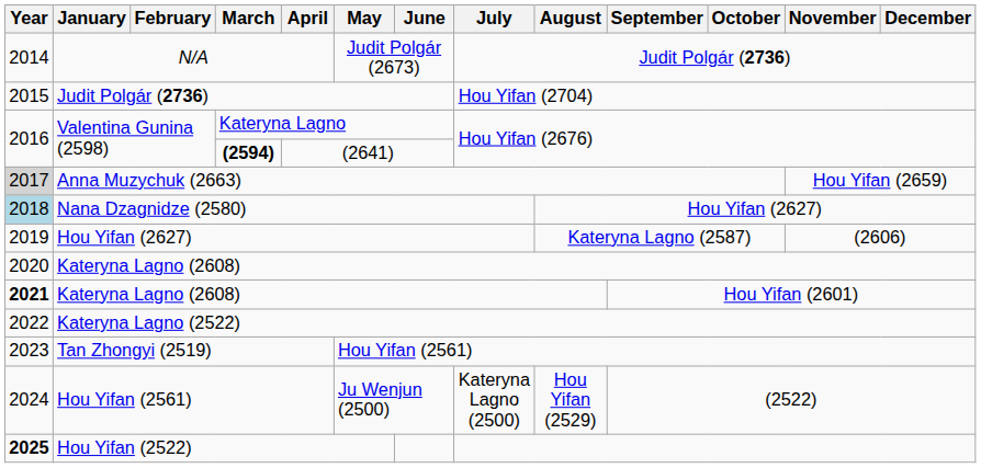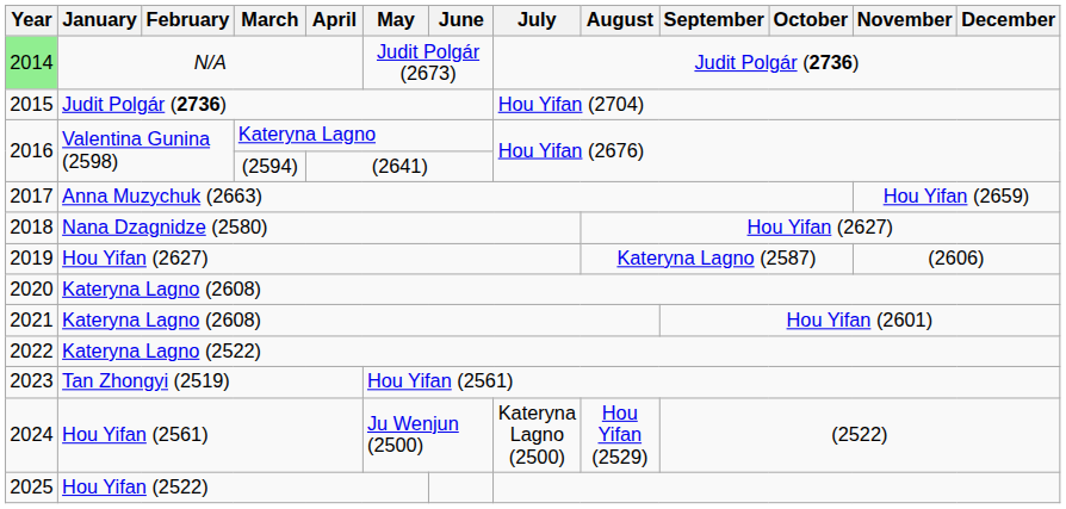 <table class="wikitable center" style="text-align:center">
 <tr>
 <th>Year</th>
 <th style="width:8%">January</th>
 <th style="width:8%">February</th>
 <th style="width:8%">March</th>
 <th style="width:6%">April</th>
 <th style="width:10%">May</th>
 <th style="width:8%">June</th>
 <th style="width:8%">July</th>
 <th style="width:8%">August</th>
 <th style="width:8%">September</th>
 <th style="width:8%">October</th>
 <th style="width:8%">November</th>
 <th style="width:8%">December</th>
 </tr>
 <tr>
-<td>2014</td>
+<td style="background: lightgreen;">2014</td>
 <td colspan=4><em>N/A</em></td>
 <td colspan=2> <a href='#'>Judit Polgár</a> (2673)</td>
 <td colspan=6> <a href='#'>Judit Polgár</a> (<strong>2736</strong>)</td>
 </tr>
 <tr>
 <td>2015</td>
 <td colspan=6 align=left> <a href='#'>Judit Polgár</a> (<strong>2736</strong>)</td>
 <td colspan=6 align=left> <a href='#'>Hou Yifan</a> (2704)</td>
 </tr>
 <tr>
 <td rowspan=2>2016</td>
 <td colspan=2 rowspan=2 align=left> <a href='#'>Valentina Gunina</a> (2598)</td>
 <td colspan=4 align=left> <a href='#'>Kateryna Lagno</a></td>
 <td colspan=6 rowspan=2 align=left> <a href='#'>Hou Yifan</a> (2676)</td>
 </tr>
 <tr>
-<td><strong>(2594)</strong></td>
+<td>(2594)</td>
 <td colspan=3>(2641)</td>
 </tr>
 <tr>
-<td style="background: lightgrey;">2017</td>
+<td>2017</td>
 <td colspan=10 align=left> <a href='#'>Anna Muzychuk</a> (2663)</td>
 <td colspan=2> <a href='#'>Hou Yifan</a> (2659)</td>
 </tr>
 <tr>
-<td style="background: lightblue;">2018</td>
+<td>2018</td>
 <td colspan=7 align=left> <a href='#'>Nana Dzagnidze</a> (2580)</td>
 <td colspan=5> <a href='#'>Hou Yifan</a> (2627)</td>
 </tr>
 <tr>
 <td>2019</td>
 <td colspan=7 align=left> <a href='#'>Hou Yifan</a> (2627)</td>
 <td colspan=3> <a href='#'>Kateryna Lagno</a> (2587)</td>
 <td colspan=2>(2606)</td>
 </tr>
 <tr>
 <td>2020</td>
 <td colspan=12 align=left> <a href='#'>Kateryna Lagno</a> (2608)</td>
 </tr>
 <tr>
-<td><strong>2021</strong></td>
+<td>2021</td>
 <td colspan=8 align=left> <a href='#'>Kateryna Lagno</a> (2608)</td>
 <td colspan=4> <a href='#'>Hou Yifan</a> (2601)</td>
 </tr>
 <tr>
 <td>2022</td>
 <td colspan=12 align=left> <a href='#'>Kateryna Lagno</a> (2522)</td>
 </tr>
 <tr>
 <td>2023</td>
 <td colspan=4 align=left> <a href='#'>Tan Zhongyi</a> (2519)</td>
 <td colspan=8 align=left> <a href='#'>Hou Yifan</a> (2561)</td>
 </tr>
 <tr>
 <td>2024</td>
 <td colspan=4 align=left> <a href='#'>Hou Yifan</a> (2561)</td>
 <td colspan=2 align=left> <a href='#'>Ju Wenjun</a> (2500)</td>
 <td> Kateryna Lagno (2500)</td>
 <td colspan=1> <a href='#'>Hou Yifan</a> (2529)</td>
 <td colspan=5>(2522)</td>
 </tr>
 <tr>
-<td><strong>2025</strong></td>
+<td>2025</td>
 <td colspan=5 align=left> <a href='#'>Hou Yifan</a> (2522)</td>
 <td></td>
 </tr>
 </table>
